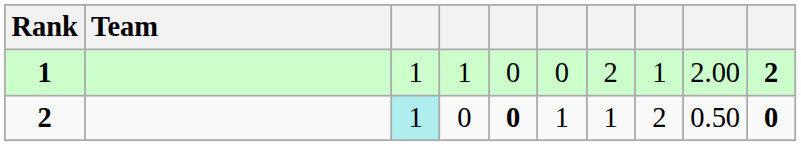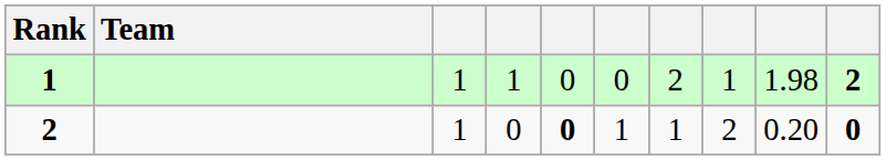 <table class="wikitable" style="text-align: center;">
 <tr>
 <th width=30>Rank</th>
 <th width=165 style="text-align:left;">Team</th>
 <th width=20></th>
 <th width=20></th>
 <th width=20></th>
 <th width=20></th>
 <th width=20></th>
 <th width=20></th>
 <th width=20></th>
 <th width=20></th>
 </tr>
 <tr style="background:#ccffcc;">
 <td><strong>1</strong></td>
 <td style="text-align:left;"></td>
 <td>1</td>
 <td>1</td>
 <td>0</td>
 <td>0</td>
 <td>2</td>
 <td>1</td>
-<td>2.00</td>
+<td>1.98</td>
 <td><strong>2</strong></td>
 </tr>
 <tr>
 <td><strong>2</strong></td>
 <td style="text-align:left;"></td>
-<td style="background: paleturquoise;">1</td>
+<td>1</td>
 <td>0</td>
 <td><strong>0</strong></td>
 <td>1</td>
 <td>1</td>
 <td>2</td>
-<td>0.50</td>
+<td>0.20</td>
 <td><strong>0</strong></td>
 </tr>
 </table>
